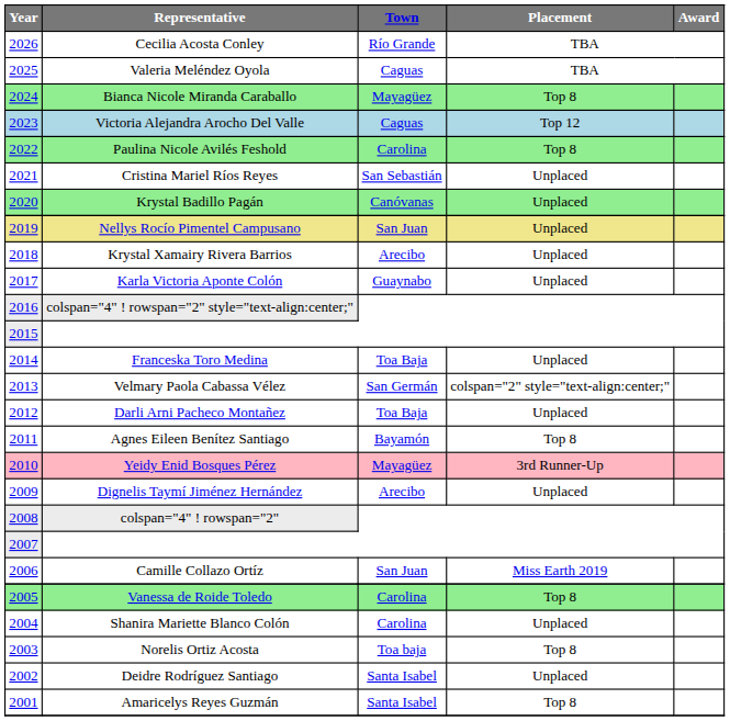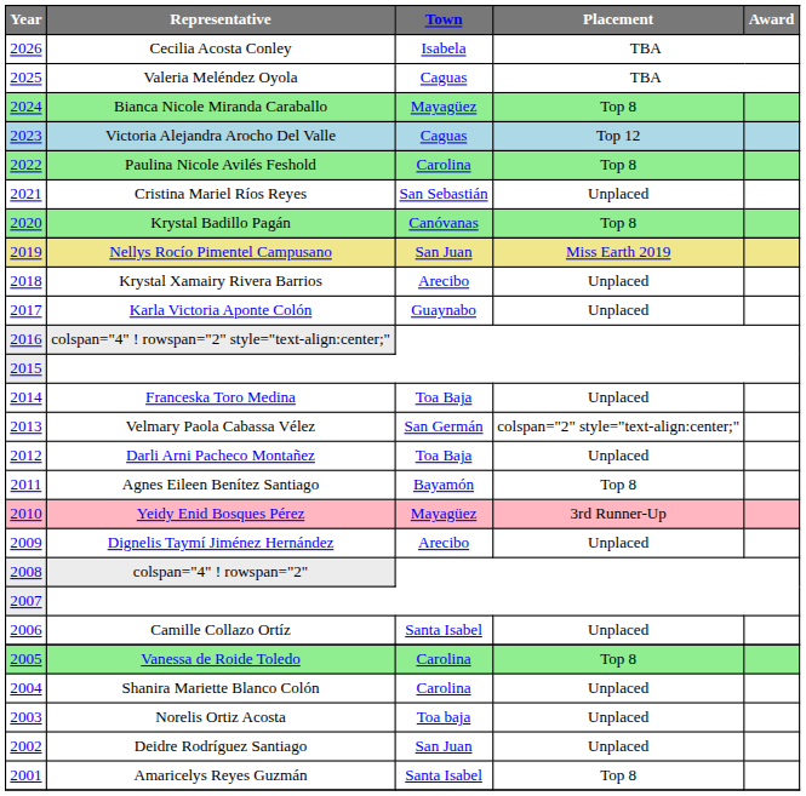 <table class="sortable wiki table" border="3" cellpadding="3" cellspacing="0" style="margin: 0 1em 0 0; background: white; border: 1px #000000 solid; border-collapse: collapse; font-size: 75%; text-align:center">
 <tr>
 </tr>
 <tr>
 <th style="background-color:#787878;color:#FFFFFF;">Year</th>
 <th style="background-color:#787878;color:#FFFFFF;">Representative</th>
 <th style="background-color:#787878;color:#FFFFFF;"><a href='#'>Town</a></th>
 <th style="background-color:#787878;color:#FFFFFF;" ! style="background-color:#787878;color:#FFFFFF;">Placement</th>
 <th style="background-color:#787878;color:#FFFFFF;">Award</th>
 </tr>
 <tr>
 <td><a href='#'>2026</a></td>
 <td>Cecilia Acosta Conley</td>
-<td><a href='#'>Río Grande</a></td>
+<td><a href='#'>Isabela</a></td>
 <td colspan=2>TBA</td>
 </tr>
 <tr>
 <td><a href='#'>2025</a></td>
 <td>Valeria Meléndez Oyola</td>
 <td><a href='#'>Caguas</a></td>
 <td colspan=2>TBA</td>
 </tr>
 <tr style="background-color:#90EE90;">
 <td><a href='#'>2024</a></td>
 <td>Bianca Nicole Miranda Caraballo</td>
 <td><a href='#'>Mayagüez</a></td>
 <td>Top 8</td>
 <td></td>
 </tr>
 <tr>
 </tr>
 <tr style="background-color:#ADD8E6;">
 <td><a href='#'>2023</a></td>
 <td>Victoria Alejandra Arocho Del Valle</td>
 <td style="background-color:#ADD8E6;"><a href='#'>Caguas</a></td>
 <td>Top 12</td>
 <td></td>
 </tr>
 <tr>
 </tr>
 <tr style="background-color:#90EE90;">
 <td><a href='#'>2022</a></td>
 <td>Paulina Nicole Avilés Feshold</td>
 <td style="background-color:#90EE90;"><a href='#'>Carolina</a></td>
 <td>Top 8</td>
 <td></td>
 </tr>
 <tr>
 <td><a href='#'>2021</a></td>
 <td>Cristina Mariel Ríos Reyes</td>
 <td><a href='#'>San Sebastián</a></td>
 <td>Unplaced</td>
 <td></td>
 </tr>
 <tr style="background-color:#90EE90;">
 <td><a href='#'>2020</a></td>
 <td>Krystal Badillo Pagán</td>
 <td style="background-color:#90EE90;"><a href='#'>Canóvanas</a></td>
-<td>Unplaced</td>
+<td>Top 8</td>
 <td></td>
 </tr>
 <tr>
 </tr>
 <tr style="background-color:#F0E68C;">
 <td><a href='#'>2019</a></td>
 <td><a href='#'>Nellys Rocío Pimentel Campusano</a></td>
 <td style="background-color:#F0E68C;"><a href='#'>San Juan</a></td>
-<td>Unplaced</td>
+<td><a href='#'>Miss Earth 2019</a></td>
 <td></td>
 </tr>
 <tr>
 <td><a href='#'>2018</a></td>
 <td>Krystal Xamairy Rivera Barrios</td>
 <td><a href='#'>Arecibo</a></td>
 <td>Unplaced</td>
 <td></td>
 </tr>
 <tr>
 <td><a href='#'>2017</a></td>
 <td><a href='#'>Karla Victoria Aponte Colón</a></td>
 <td><a href='#'>Guaynabo</a></td>
 <td>Unplaced</td>
 <td></td>
 </tr>
 <tr style="background-color:#ececec;">
 <td><a href='#'>2016</a></td>
 <td>colspan="4" ! rowspan="2" style="text-align:center;" </td>
 </tr>
 <tr style="background-color:#ececec;"|>
 <td><a href='#'>2015</a></td>
 </tr>
 <tr>
 <td><a href='#'>2014</a></td>
 <td><a href='#'>Franceska Toro Medina</a></td>
 <td><a href='#'>Toa Baja</a></td>
 <td>Unplaced</td>
 <td></td>
 </tr>
 <tr>
 <td><a href='#'>2013</a></td>
 <td>Velmary Paola Cabassa Vélez</td>
 <td><a href='#'>San Germán</a></td>
 <td>colspan="2" style="text-align:center;" </td>
 </tr>
 <tr>
 <td><a href='#'>2012</a></td>
 <td><a href='#'>Darli Arni Pacheco Montañez</a></td>
 <td><a href='#'>Toa Baja</a></td>
 <td>Unplaced</td>
 <td></td>
 </tr>
 <tr>
 <td><a href='#'>2011</a></td>
 <td>Agnes Eileen Benítez Santiago</td>
 <td><a href='#'>Bayamón</a></td>
 <td>Top 8</td>
 <td></td>
 </tr>
 <tr>
 <td style="background-color:#FFB6C1;"><a href='#'>2010</a></td>
 <td style="background-color:#FFB6C1;"><a href='#'>Yeidy Enid Bosques Pérez</a></td>
 <td style="background-color:#FFB6C1;"><a href='#'>Mayagüez</a></td>
 <td style="background-color:#FFB6C1;">3rd Runner-Up</td>
 <td style="background-color:#FFB6C1;"></td>
 </tr>
 <tr>
 <td><a href='#'>2009</a></td>
 <td><a href='#'>Dignelis Taymí Jiménez Hernández</a></td>
 <td><a href='#'>Arecibo</a></td>
 <td>Unplaced</td>
 <td></td>
 </tr>
 <tr style="background-color:#ececec;">
 <td><a href='#'>2008</a></td>
 <td>colspan="4" ! rowspan="2" </td>
 </tr>
 <tr style="background-color:#ececec;">
 <td><a href='#'>2007</a></td>
 </tr>
 <tr>
 <td><a href='#'>2006</a></td>
 <td>Camille Collazo Ortíz</td>
-<td><a href='#'>San Juan</a></td>
-<td><a href='#'>Miss Earth 2019</a></td>
+<td><a href='#'>Santa Isabel</a></td>
+<td>Unplaced</td>
 <td></td>
 </tr>
 <tr>
 </tr>
 <tr style="background-color:#90EE90;">
 <td><a href='#'>2005</a></td>
 <td><a href='#'>Vanessa de Roide Toledo</a></td>
 <td style="background-color:#90EE90;"><a href='#'>Carolina</a></td>
 <td>Top 8</td>
 <td></td>
 </tr>
 <tr>
 <td><a href='#'>2004</a></td>
 <td>Shanira Mariette Blanco Colón</td>
 <td><a href='#'>Carolina</a></td>
 <td>Unplaced</td>
 <td></td>
 </tr>
 <tr>
 <td><a href='#'>2003</a></td>
 <td>Norelis Ortiz Acosta</td>
 <td><a href='#'>Toa baja</a></td>
-<td>Top 8</td>
+<td>Unplaced</td>
 <td></td>
 </tr>
 <tr>
 <td><a href='#'>2002</a></td>
 <td>Deidre Rodríguez Santiago</td>
-<td><a href='#'>Santa Isabel</a></td>
+<td><a href='#'>San Juan</a></td>
 <td>Unplaced</td>
 <td></td>
 </tr>
 <tr>
 <td><a href='#'>2001</a></td>
 <td>Amaricelys Reyes Guzmán</td>
 <td><a href='#'>Santa Isabel</a></td>
 <td>Top 8</td>
 <td></td>
 </tr>
 <tr>
 </tr>
 </table>
